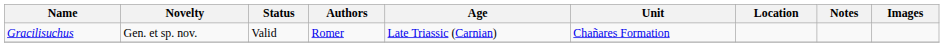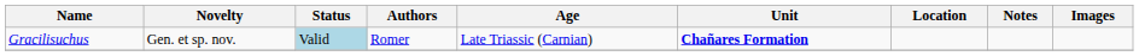 <table class="wikitable sortable" align="center" width="100%">
 <tr>
 <th>Name</th>
 <th>Novelty</th>
 <th>Status</th>
 <th>Authors</th>
 <th>Age</th>
 <th>Unit</th>
 <th>Location</th>
 <th>Notes</th>
 <th>Images</th>
 </tr>
 <tr>
 <td><em><a href='#'>Gracilisuchus</a></em></td>
 <td>Gen. et sp. nov.</td>
-<td>Valid</td>
+<td style="background: lightblue;">Valid</td>
 <td><a href='#'>Romer</a></td>
 <td><a href='#'>Late Triassic</a> (<a href='#'>Carnian</a>)</td>
-<td><a href='#'>Chañares Formation</a></td>
+<td><strong><a href='#'>Chañares Formation</a></strong></td>
 <td></td>
 <td></td>
 <td></td>
 </tr>
 <tr>
 </tr>
 </table>
